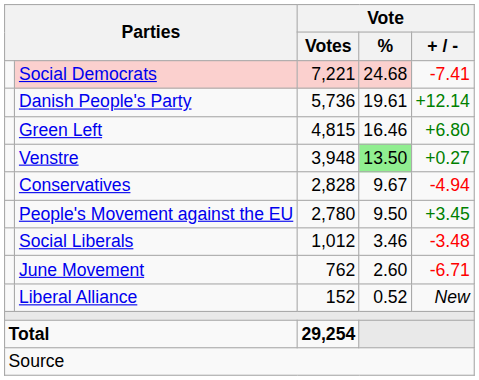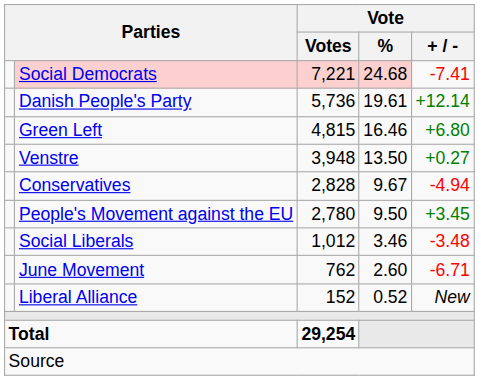 <table class="wikitable" style="text-align:right;">
 <tr>
 <th style="text-align:centre;" rowspan="2" colspan="2" width="225">Parties</th>
 <th colspan="3">Vote</th>
 </tr>
 <tr>
 <th width="15">Votes</th>
 <th width="15">%</th>
 <th width="15">+ / -</th>
 </tr>
 <tr>
 <td width="2" style="color:inherit;background:"></td>
 <td bgcolor=#fbd0ce   align="left"><a href='#'>Social Democrats</a></td>
 <td bgcolor=#fbd0ce>7,221</td>
 <td bgcolor=#fbd0ce>24.68</td>
 <td style=color:red;>-7.41</td>
 </tr>
 <tr>
 <td width="2" style="color:inherit;background:"></td>
 <td align="left"><a href='#'>Danish People's Party</a></td>
 <td>5,736</td>
 <td>19.61</td>
 <td style=color:green;>+12.14</td>
 </tr>
 <tr>
 <td width="2" style="color:inherit;background:"></td>
 <td align="left"><a href='#'>Green Left</a></td>
 <td>4,815</td>
 <td>16.46</td>
 <td style=color:green;>+6.80</td>
 </tr>
 <tr>
 <td width="2" style="color:inherit;background:"></td>
 <td align="left"><a href='#'>Venstre</a></td>
 <td>3,948</td>
-<td style="background: lightgreen;">13.50</td>
+<td>13.50</td>
 <td style=color:green;>+0.27</td>
 </tr>
 <tr>
 <td width="2" style="color:inherit;background:"></td>
 <td align="left"><a href='#'>Conservatives</a></td>
 <td>2,828</td>
 <td>9.67</td>
 <td style=color:red;>-4.94</td>
 </tr>
 <tr>
 <td width="2" style="color:inherit;background:"></td>
 <td align="left"><a href='#'>People's Movement against the EU</a></td>
 <td>2,780</td>
 <td>9.50</td>
 <td style=color:green;>+3.45</td>
 </tr>
 <tr>
 <td width="2" style="color:inherit;background:"></td>
 <td align="left"><a href='#'>Social Liberals</a></td>
 <td>1,012</td>
 <td>3.46</td>
 <td style=color:red;>-3.48</td>
 </tr>
 <tr>
 <td width="2" style="color:inherit;background:"></td>
 <td align="left"><a href='#'>June Movement</a></td>
 <td>762</td>
 <td>2.60</td>
 <td style=color:red;>-6.71</td>
 </tr>
 <tr>
 <td width="2" style="color:inherit;background:"></td>
 <td align="left"><a href='#'>Liberal Alliance</a></td>
 <td>152</td>
 <td>0.52</td>
 <td><em>New</em></td>
 </tr>
 <tr>
 <td colspan="7" bgcolor="#E9E9E9"></td>
 </tr>
 <tr>
 <td align="left" colspan="2"><strong>Total</strong></td>
 <td><strong>29,254</strong></td>
 <td bgcolor="#E9E9E9" colspan="2"></td>
 </tr>
 <tr>
 <td align="left" colspan="6">Source</td>
 </tr>
 </table>
